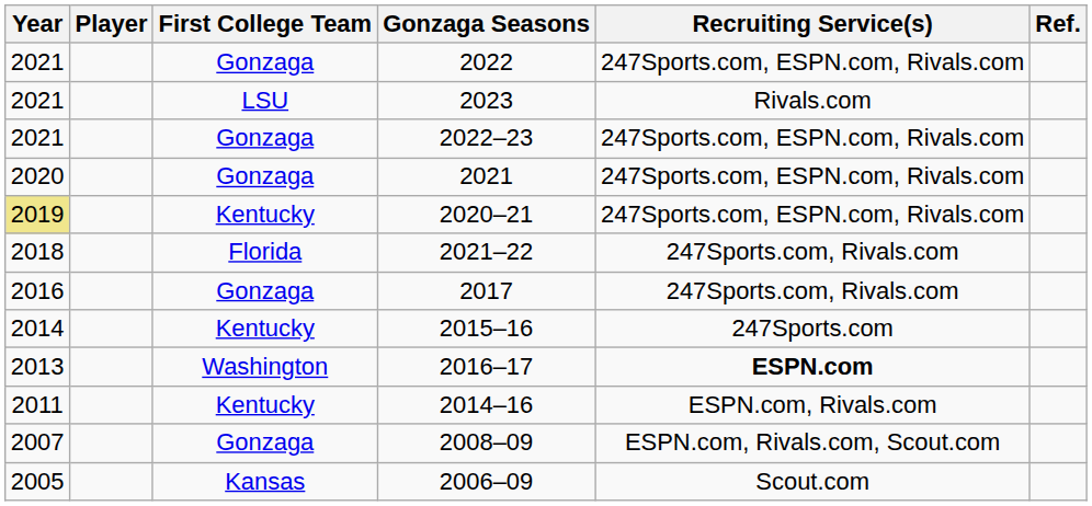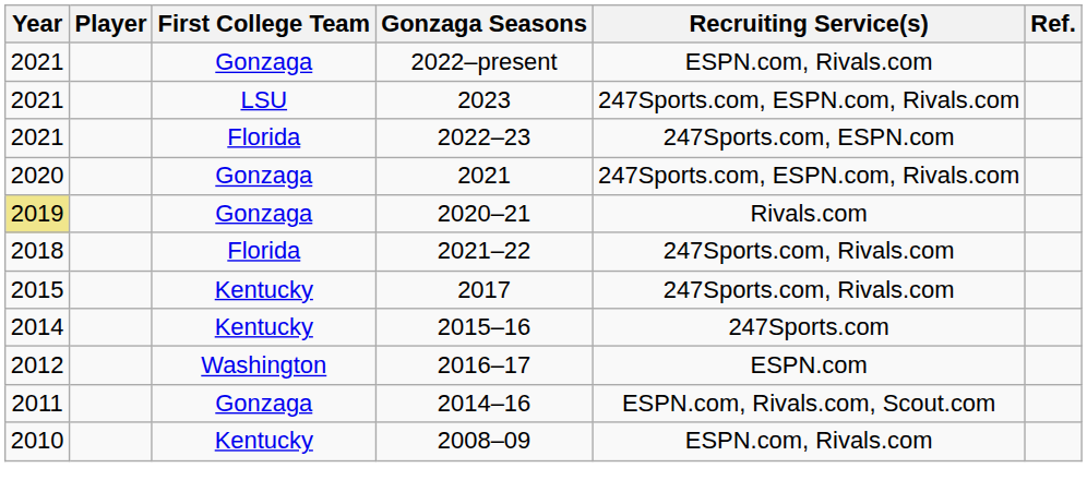 <table class="wikitable sortable" style="text-align:center">
 <tr>
 <th>Year</th>
 <th>Player</th>
 <th>First College Team</th>
 <th>Gonzaga Seasons</th>
 <th>Recruiting Service(s)</th>
 <th class="unsortable">Ref.</th>
 </tr>
 <tr>
 <td>2021</td>
 <td></td>
 <td><a href='#'>Gonzaga</a></td>
-<td>2022</td>
-<td>247Sports.com, ESPN.com, Rivals.com</td>
+<td>2022–present</td>
+<td>ESPN.com, Rivals.com</td>
 <td></td>
 </tr>
 <tr>
 <td>2021</td>
 <td></td>
 <td><a href='#'>LSU</a></td>
 <td>2023</td>
-<td>Rivals.com</td>
+<td>247Sports.com, ESPN.com, Rivals.com</td>
 <td></td>
 </tr>
 <tr>
 <td>2021</td>
 <td></td>
-<td><a href='#'>Gonzaga</a></td>
+<td><a href='#'>Florida</a></td>
 <td>2022–23</td>
-<td>247Sports.com, ESPN.com, Rivals.com</td>
+<td>247Sports.com, ESPN.com</td>
 <td></td>
 </tr>
 <tr>
 <td>2020</td>
 <td></td>
 <td><a href='#'>Gonzaga</a></td>
 <td>2021</td>
 <td>247Sports.com, ESPN.com, Rivals.com</td>
 <td></td>
 </tr>
 <tr>
 <td style="background: khaki;">2019</td>
 <td></td>
-<td><a href='#'>Kentucky</a></td>
+<td><a href='#'>Gonzaga</a></td>
 <td>2020–21</td>
-<td>247Sports.com, ESPN.com, Rivals.com</td>
+<td>Rivals.com</td>
 <td></td>
 </tr>
 <tr>
 <td>2018</td>
 <td></td>
 <td><a href='#'>Florida</a></td>
 <td>2021–22</td>
 <td>247Sports.com, Rivals.com</td>
 <td></td>
 </tr>
 <tr>
-<td>2016</td>
+<td>2015</td>
 <td></td>
-<td><a href='#'>Gonzaga</a></td>
+<td><a href='#'>Kentucky</a></td>
 <td>2017</td>
 <td>247Sports.com, Rivals.com</td>
 <td></td>
 </tr>
 <tr>
 <td>2014</td>
 <td></td>
 <td><a href='#'>Kentucky</a></td>
 <td>2015–16</td>
 <td>247Sports.com</td>
 <td></td>
 </tr>
 <tr>
-<td>2013</td>
+<td>2012</td>
 <td></td>
 <td><a href='#'>Washington</a></td>
 <td>2016–17</td>
-<td><strong>ESPN.com</strong></td>
+<td>ESPN.com</td>
 <td></td>
 </tr>
 <tr>
 <td>2011</td>
 <td></td>
-<td><a href='#'>Kentucky</a></td>
+<td><a href='#'>Gonzaga</a></td>
 <td>2014–16</td>
-<td>ESPN.com, Rivals.com</td>
-<td></td>
-</tr>
-<tr>
-<td>2007</td>
-<td></td>
-<td><a href='#'>Gonzaga</a></td>
-<td>2008–09</td>
 <td>ESPN.com, Rivals.com, Scout.com</td>
 <td></td>
 </tr>
 <tr>
-<td>2005</td>
+<td>2010</td>
 <td></td>
-<td><a href='#'>Kansas</a></td>
-<td>2006–09</td>
-<td>Scout.com</td>
+<td><a href='#'>Kentucky</a></td>
+<td>2008–09</td>
+<td>ESPN.com, Rivals.com</td>
 <td></td>
 </tr>
 </table>
